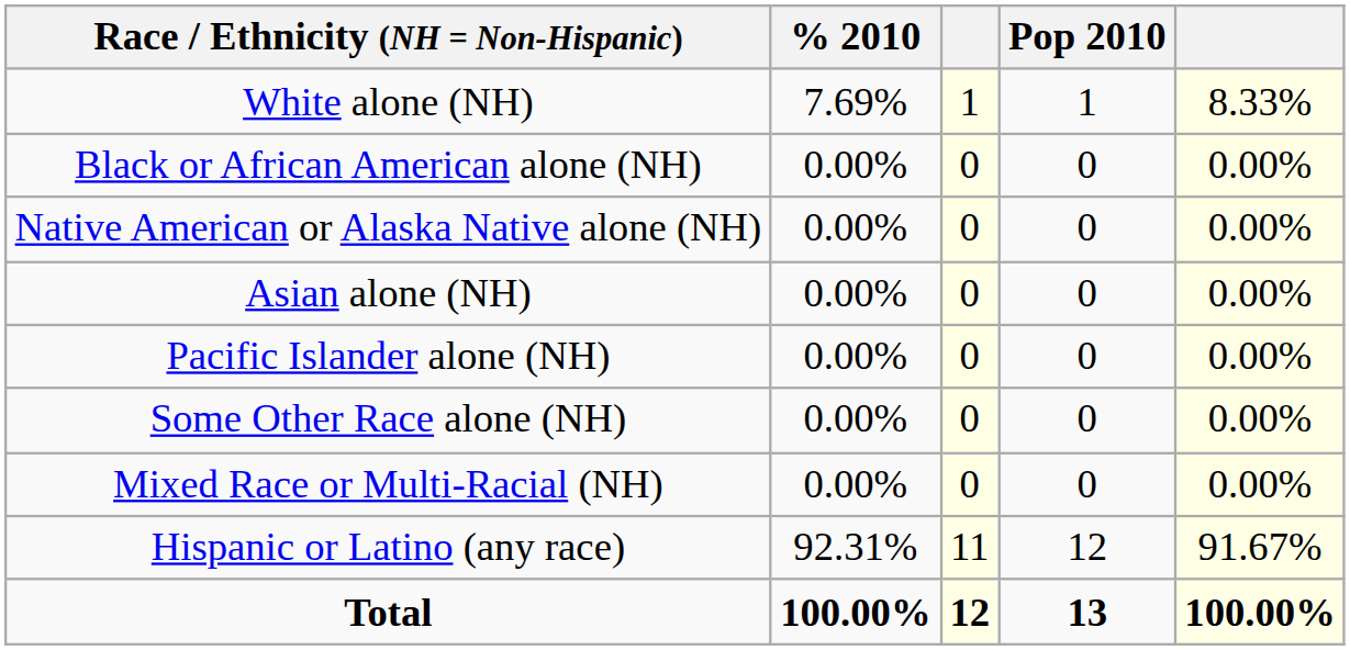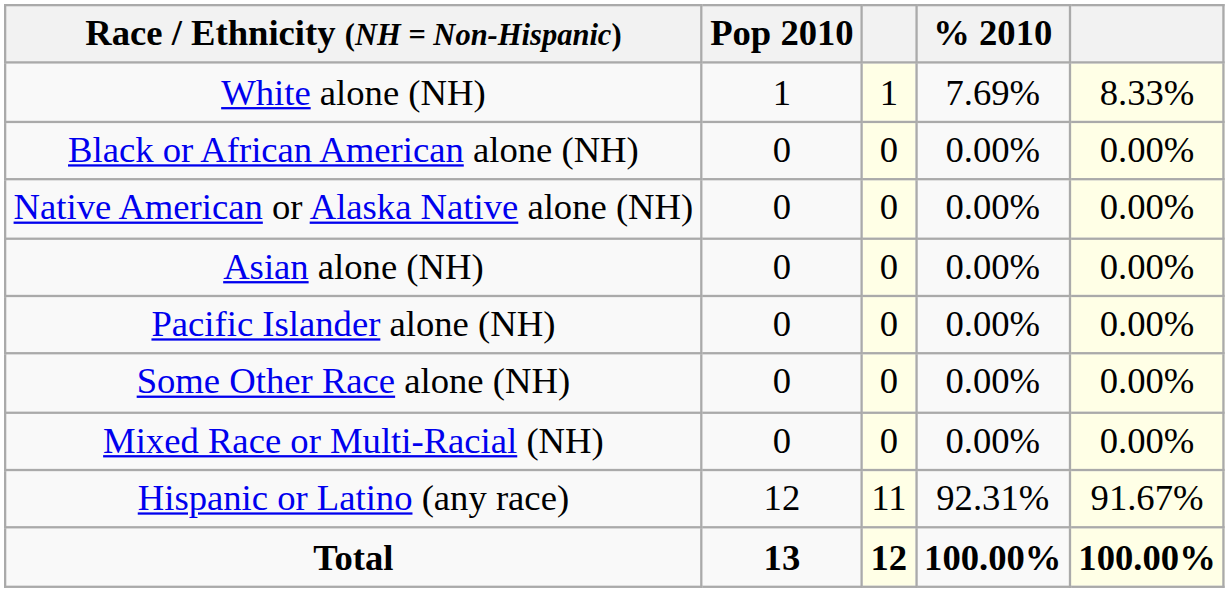 <table class="wikitable" style="text-align:center;">
 <tr>
 <th>Race / Ethnicity <small>(<em>NH = Non-Hispanic</em>)</small></th>
+<th>Pop 2010</th>
+<th></th>
 <th>% 2010</th>
-<th></th>
-<th>Pop 2010</th>
 <th></th>
 </tr>
 <tr>
 <td><a href='#'>White</a> alone (NH)</td>
+<td>1</td>
+<td style='background: #ffffe6;'>1</td>
 <td>7.69%</td>
-<td style='background: #ffffe6;'>1</td>
-<td>1</td>
 <td style='background: #ffffe6;'>8.33%</td>
 </tr>
 <tr>
 <td><a href='#'>Black or African American</a> alone (NH)</td>
+<td>0</td>
+<td style='background: #ffffe6;'>0</td>
 <td>0.00%</td>
-<td style='background: #ffffe6;'>0</td>
-<td>0</td>
 <td style='background: #ffffe6;'>0.00%</td>
 </tr>
 <tr>
 <td><a href='#'>Native American</a> or <a href='#'>Alaska Native</a> alone (NH)</td>
+<td>0</td>
+<td style='background: #ffffe6;'>0</td>
 <td>0.00%</td>
-<td style='background: #ffffe6;'>0</td>
-<td>0</td>
 <td style='background: #ffffe6;'>0.00%</td>
 </tr>
 <tr>
 <td><a href='#'>Asian</a> alone (NH)</td>
+<td>0</td>
+<td style='background: #ffffe6;'>0</td>
 <td>0.00%</td>
-<td style='background: #ffffe6;'>0</td>
-<td>0</td>
 <td style='background: #ffffe6;'>0.00%</td>
 </tr>
 <tr>
 <td><a href='#'>Pacific Islander</a> alone (NH)</td>
+<td>0</td>
+<td style='background: #ffffe6;'>0</td>
 <td>0.00%</td>
-<td style='background: #ffffe6;'>0</td>
-<td>0</td>
 <td style='background: #ffffe6;'>0.00%</td>
 </tr>
 <tr>
 <td><a href='#'>Some Other Race</a> alone (NH)</td>
+<td>0</td>
+<td style='background: #ffffe6;'>0</td>
 <td>0.00%</td>
-<td style='background: #ffffe6;'>0</td>
-<td>0</td>
 <td style='background: #ffffe6;'>0.00%</td>
 </tr>
 <tr>
 <td><a href='#'>Mixed Race or Multi-Racial</a> (NH)</td>
+<td>0</td>
+<td style='background: #ffffe6;'>0</td>
 <td>0.00%</td>
-<td style='background: #ffffe6;'>0</td>
-<td>0</td>
 <td style='background: #ffffe6;'>0.00%</td>
 </tr>
 <tr>
 <td><a href='#'>Hispanic or Latino</a> (any race)</td>
+<td>12</td>
+<td style='background: #ffffe6;'>11</td>
 <td>92.31%</td>
-<td style='background: #ffffe6;'>11</td>
-<td>12</td>
 <td style='background: #ffffe6;'>91.67%</td>
 </tr>
 <tr>
 <td><strong>Total</strong></td>
+<td><strong>13</strong></td>
+<td style='background: #ffffe6;'><strong>12</strong></td>
 <td><strong>100.00%</strong></td>
-<td style='background: #ffffe6;'><strong>12</strong></td>
-<td><strong>13</strong></td>
 <td style='background: #ffffe6;'><strong>100.00%</strong></td>
 </tr>
 </table>
